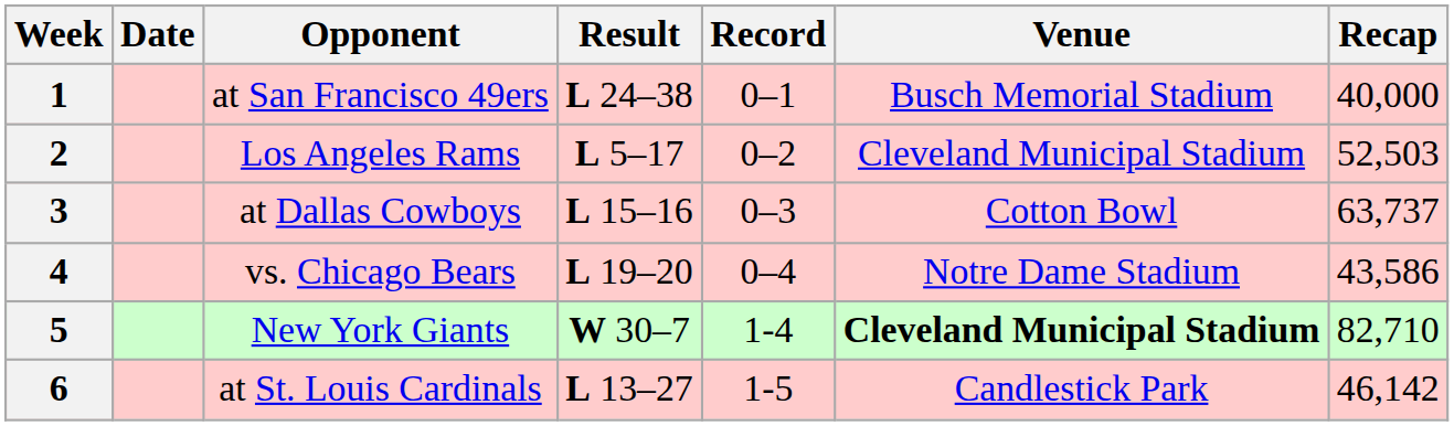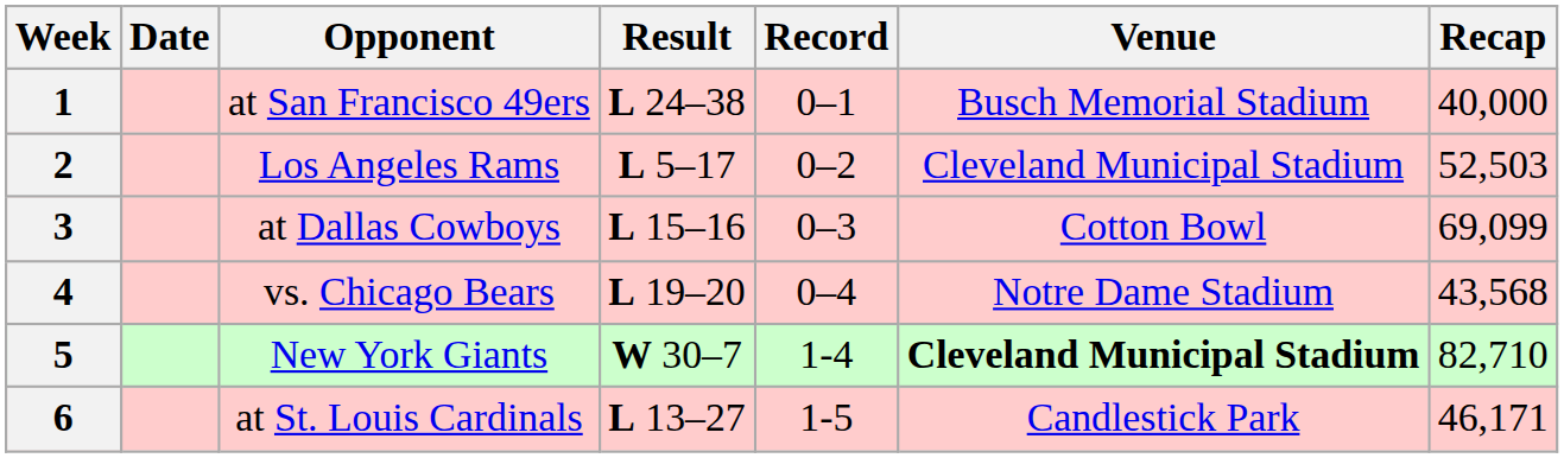 <table class="wikitable" style="text-align:center">
 <tr>
 <th>Week</th>
 <th>Date</th>
 <th>Opponent</th>
 <th>Result</th>
 <th>Record</th>
 <th>Venue</th>
 <th>Recap</th>
 </tr>
 <tr style="background:#fcc">
 <th>1</th>
 <td></td>
 <td>at <a href='#'>San Francisco 49ers</a></td>
 <td><strong>L</strong> 24–38</td>
 <td>0–1</td>
 <td><a href='#'>Busch Memorial Stadium</a></td>
 <td>40,000</td>
 </tr>
 <tr style="background:#fcc">
 <th>2</th>
 <td></td>
 <td><a href='#'>Los Angeles Rams</a></td>
 <td><strong>L</strong> 5–17</td>
 <td>0–2</td>
 <td><a href='#'>Cleveland Municipal Stadium</a></td>
 <td>52,503</td>
 </tr>
 <tr style="background:#fcc">
 <th>3</th>
 <td></td>
 <td>at <a href='#'>Dallas Cowboys</a></td>
 <td><strong>L</strong> 15–16</td>
 <td>0–3</td>
 <td><a href='#'>Cotton Bowl</a></td>
-<td>63,737</td>
+<td>69,099</td>
 </tr>
 <tr style="background:#fcc">
 <th>4</th>
 <td></td>
 <td>vs. <a href='#'>Chicago Bears</a></td>
 <td><strong>L</strong> 19–20</td>
 <td>0–4</td>
 <td><a href='#'>Notre Dame Stadium</a></td>
-<td>43,586</td>
+<td>43,568</td>
 </tr>
 <tr style="background:#cfc">
 <th>5</th>
 <td></td>
 <td><a href='#'>New York Giants</a></td>
 <td><strong>W</strong> 30–7</td>
 <td>1-4</td>
 <td><strong>Cleveland Municipal Stadium</strong></td>
 <td>82,710</td>
 </tr>
 <tr style="background:#fcc">
 <th>6</th>
 <td></td>
 <td>at <a href='#'>St. Louis Cardinals</a></td>
 <td><strong>L</strong> 13–27</td>
 <td>1-5</td>
 <td><a href='#'>Candlestick Park</a></td>
-<td>46,142</td>
+<td>46,171</td>
 </tr>
 </table>
